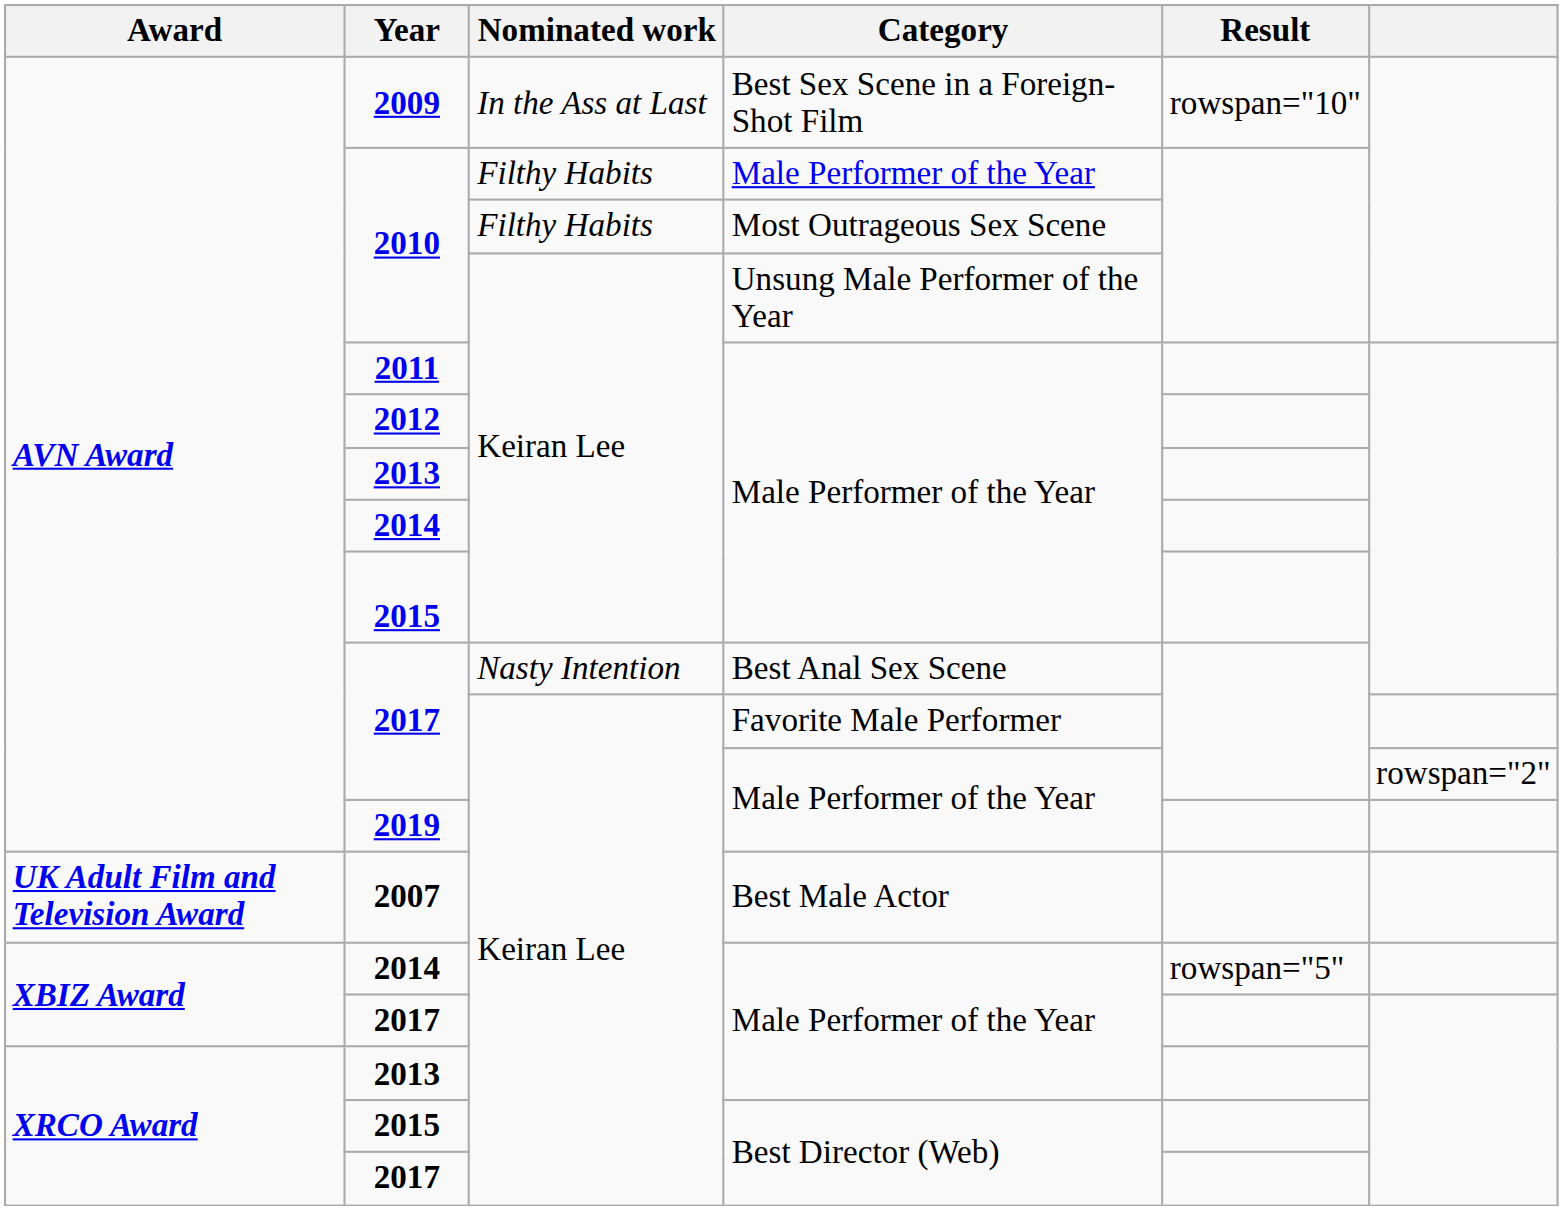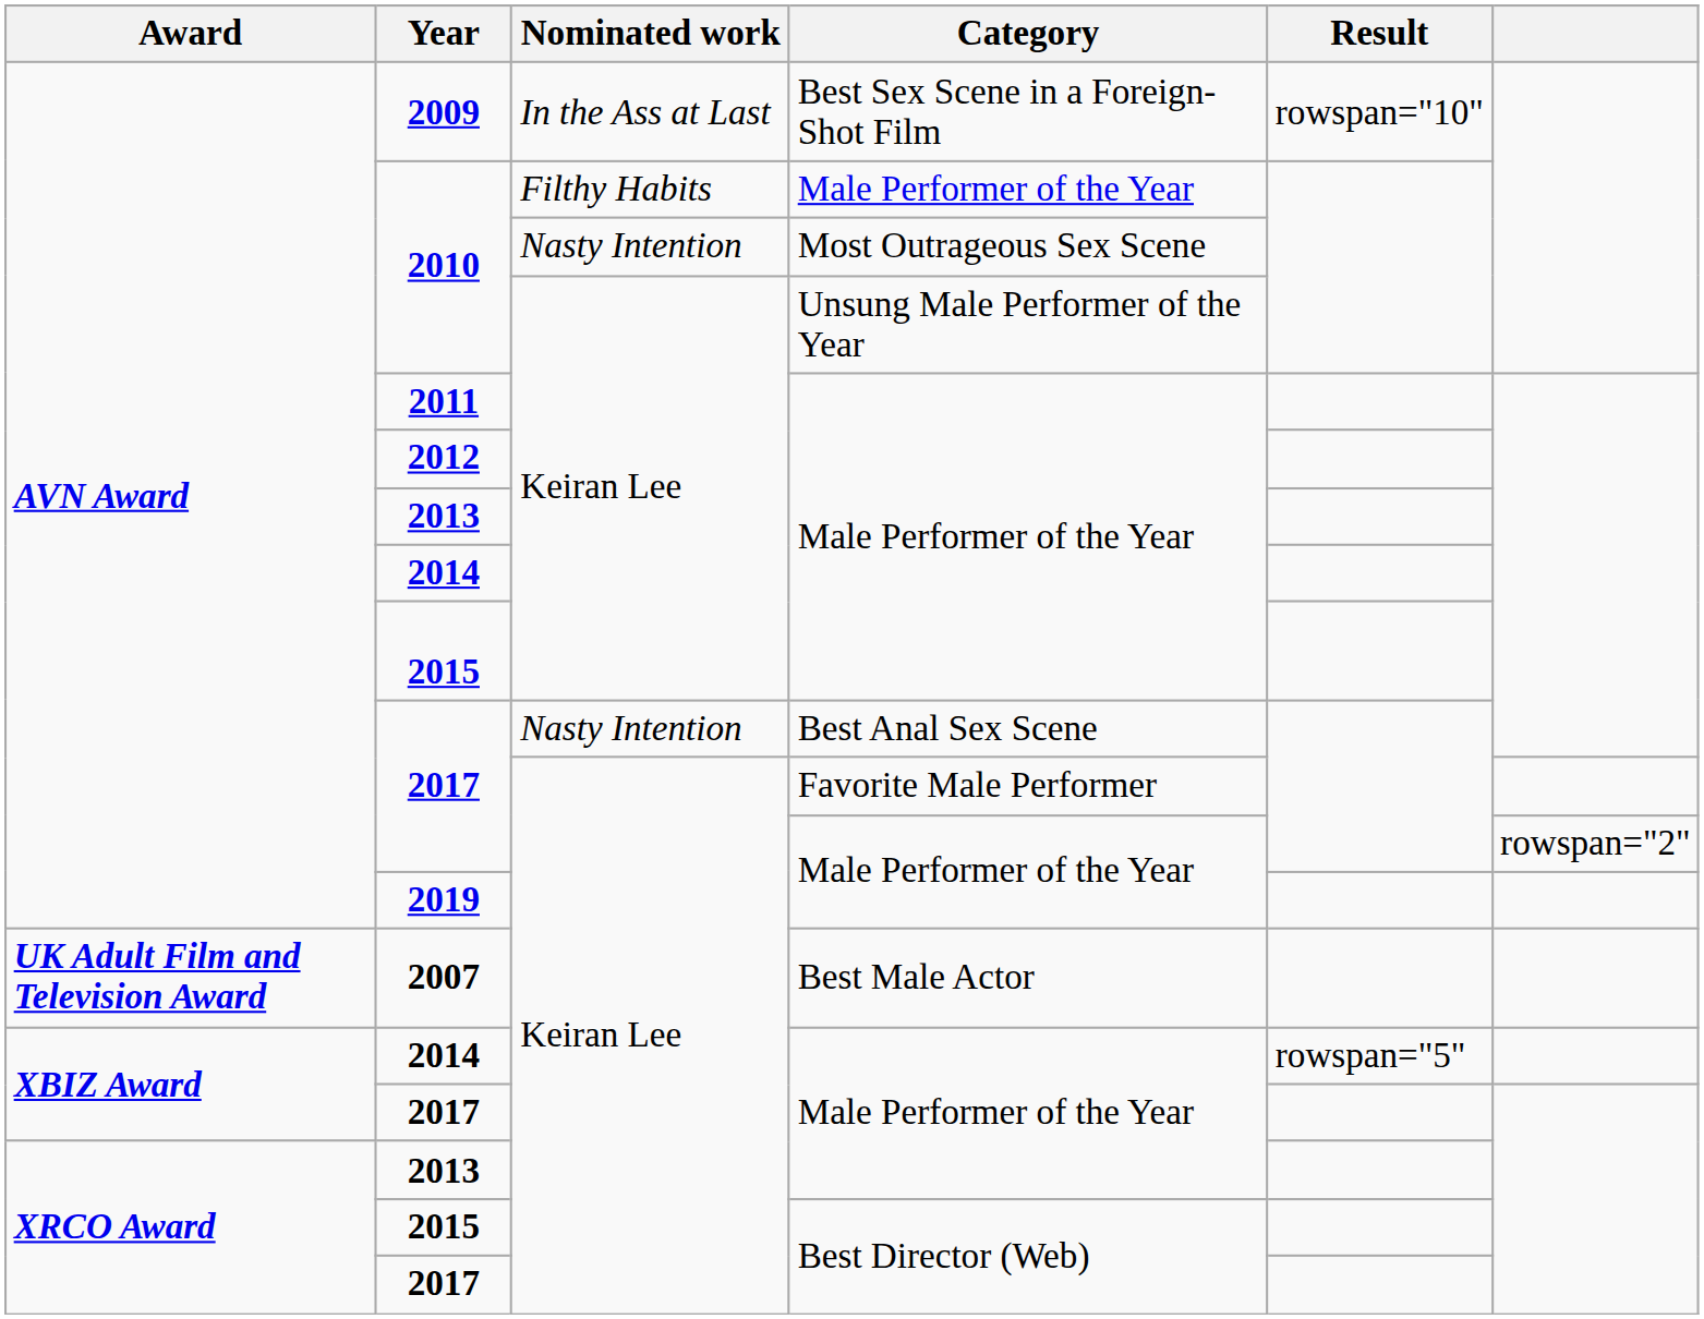 <table class="wikitable" style="width:85%;">
 <tr>
 <th width=30%>Award</th>
 <th style="width:10%;">Year</th>
 <th style="width:20%;">Nominated work</th>
 <th style="width:40%;">Category</th>
 <th style="width:10%;">Result</th>
 <th width=5%></th>
 </tr>
 <tr>
 <td rowspan="13"><strong><em><a href='#'>AVN Award</a></em></strong></td>
 <td style="text-align:center;"><strong><a href='#'>2009</a></strong></td>
 <td><em>In the Ass at Last</em></td>
 <td>Best Sex Scene in a Foreign-Shot Film</td>
 <td>rowspan="10" </td>
 <td rowspan="4" style="text-align:center;"></td>
 </tr>
 <tr>
 <td rowspan="3" style="text-align:center;"><strong><a href='#'>2010</a></strong></td>
 <td><em>Filthy Habits</em></td>
 <td><a href='#'>Male Performer of the Year</a></td>
 </tr>
 <tr>
-<td><em>Filthy Habits</em></td>
+<td><em>Nasty Intention</em></td>
 <td>Most Outrageous Sex Scene</td>
 </tr>
 <tr>
 <td rowspan="6">Keiran Lee</td>
 <td>Unsung Male Performer of the Year</td>
 </tr>
 <tr>
 <td style="text-align:center;"><strong><a href='#'>2011</a></strong></td>
 <td rowspan="5">Male Performer of the Year</td>
 <td></td>
 </tr>
 <tr>
 <td style="text-align:center;"><strong><a href='#'>2012</a></strong></td>
 <td></td>
 </tr>
 <tr>
 <td style="text-align:center;"><strong><a href='#'>2013</a></strong></td>
 <td></td>
 </tr>
 <tr>
 <td style="text-align:center;"><strong><a href='#'>2014</a></strong></td>
 <td></td>
 </tr>
 <tr>
 <td style="text-align:center;"><br><strong><a href='#'>2015</a></strong></td>
 <td></td>
 </tr>
 <tr>
 <td rowspan="3" style="text-align:center;"><strong><a href='#'>2017</a></strong></td>
 <td><em>Nasty Intention</em></td>
 <td>Best Anal Sex Scene</td>
 <td rowspan="3"></td>
 </tr>
 <tr>
 <td rowspan="9">Keiran Lee</td>
 <td>Favorite Male Performer</td>
 <td></td>
 </tr>
 <tr>
 <td rowspan="2">Male Performer of the Year</td>
 <td>rowspan="2" </td>
 </tr>
 <tr>
 <td style="text-align:center;"><strong><a href='#'>2019</a></strong></td>
 <td></td>
 </tr>
 <tr>
 <td><strong><em><a href='#'>UK Adult Film and Television Award</a></em></strong></td>
 <td style="text-align:center;"><strong>2007</strong></td>
 <td>Best Male Actor</td>
 <td></td>
 <td style="text-align:center;"></td>
 </tr>
 <tr>
 <td rowspan="2"><strong><em><a href='#'>XBIZ Award</a></em></strong></td>
 <td style="text-align:center;"><strong>2014</strong></td>
 <td rowspan="3">Male Performer of the Year</td>
 <td>rowspan="5" </td>
 <td style="text-align:center;"></td>
 </tr>
 <tr>
 <td style="text-align:center;"><strong>2017</strong></td>
 <td></td>
 </tr>
 <tr>
 <td rowspan="3"><strong><em><a href='#'>XRCO Award</a></em></strong></td>
 <td style="text-align:center;"><strong>2013</strong></td>
 <td style="text-align:center;"></td>
 </tr>
 <tr>
 <td style="text-align:center;"><strong>2015</strong></td>
 <td rowspan="2">Best Director (Web)</td>
 <td style="text-align:center;"></td>
 </tr>
 <tr>
 <td style="text-align:center;"><strong>2017</strong></td>
 <td style="text-align:center;"></td>
 </tr>
 </table>
